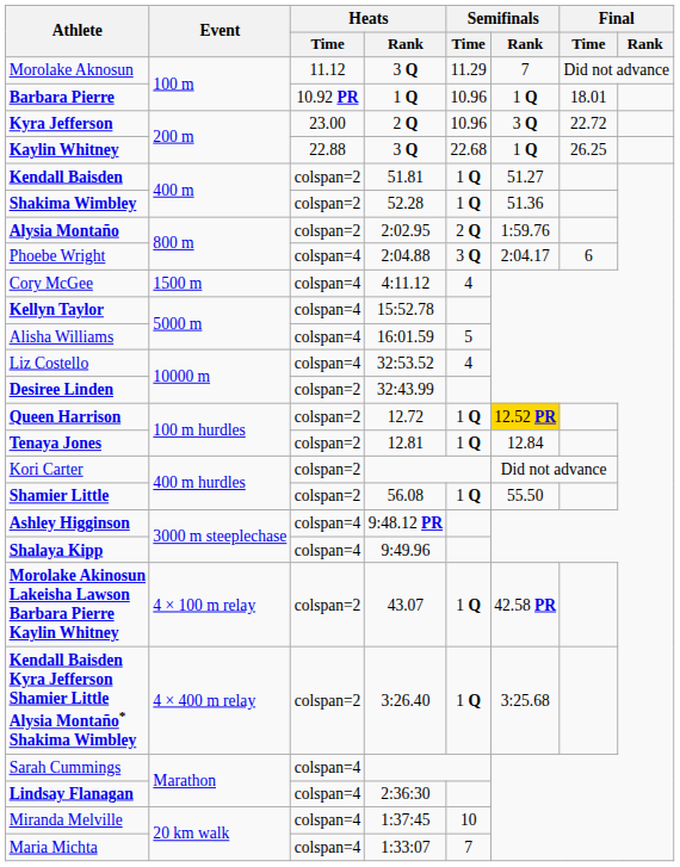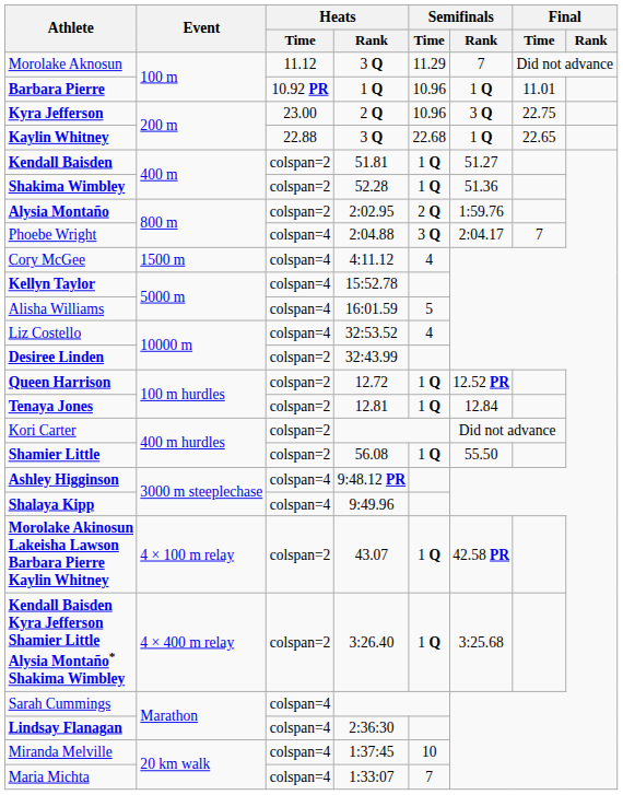 <table class=wikitable style="font-size:90%;">
 <tr>
 <th rowspan=2>Athlete</th>
 <th rowspan=2>Event</th>
 <th colspan=2>Heats</th>
 <th colspan=2>Semifinals</th>
 <th colspan=2>Final</th>
 </tr>
 <tr style="font-size:95%">
 <th>Time</th>
 <th>Rank</th>
 <th>Time</th>
 <th>Rank</th>
 <th>Time</th>
 <th>Rank</th>
 </tr>
 <tr align=center>
 <td align=left><a href='#'>Morolake Aknosun</a></td>
 <td align=left rowspan=2><a href='#'>100 m</a></td>
 <td>11.12</td>
 <td>3 <strong>Q</strong></td>
 <td>11.29</td>
 <td>7</td>
 <td colspan=2>Did not advance</td>
 </tr>
 <tr align=center>
 <td align=left><strong><a href='#'>Barbara Pierre</a></strong></td>
 <td>10.92 <strong><a href='#'>PR</a></strong></td>
 <td>1 <strong>Q</strong></td>
 <td>10.96</td>
 <td>1 <strong>Q</strong></td>
-<td>18.01</td>
+<td>11.01</td>
 <td></td>
 </tr>
 <tr align=center>
 <td align=left><strong><a href='#'>Kyra Jefferson</a></strong></td>
 <td align=left rowspan=2><a href='#'>200 m</a></td>
 <td>23.00</td>
 <td>2 <strong>Q</strong></td>
 <td>10.96</td>
 <td>3 <strong>Q</strong></td>
-<td>22.72</td>
+<td>22.75</td>
 <td></td>
 </tr>
 <tr align=center>
 <td align=left><strong><a href='#'>Kaylin Whitney</a></strong></td>
 <td>22.88</td>
 <td>3 <strong>Q</strong></td>
 <td>22.68</td>
 <td>1 <strong>Q</strong></td>
-<td>26.25</td>
+<td>22.65</td>
 <td></td>
 </tr>
 <tr align=center>
 <td align=left><strong><a href='#'>Kendall Baisden</a></strong></td>
 <td align=left rowspan=2><a href='#'>400 m</a></td>
 <td>colspan=2 </td>
 <td>51.81</td>
 <td>1 <strong>Q</strong></td>
 <td>51.27</td>
 <td></td>
 </tr>
 <tr align=center>
 <td align=left><strong><a href='#'>Shakima Wimbley</a></strong></td>
 <td>colspan=2 </td>
 <td>52.28</td>
 <td>1 <strong>Q</strong></td>
 <td>51.36</td>
 <td></td>
 </tr>
 <tr align=center>
 <td align=left><strong><a href='#'>Alysia Montaño</a></strong></td>
 <td align=left rowspan=2><a href='#'>800 m</a></td>
 <td>colspan=2 </td>
 <td>2:02.95</td>
 <td>2 <strong>Q</strong></td>
 <td>1:59.76</td>
 <td></td>
 </tr>
 <tr align=center>
 <td align=left><a href='#'>Phoebe Wright</a></td>
 <td>colspan=4 </td>
 <td>2:04.88</td>
 <td>3 <strong>Q</strong></td>
 <td>2:04.17</td>
-<td>6</td>
+<td>7</td>
 </tr>
 <tr align=center>
 <td align=left><a href='#'>Cory McGee</a></td>
 <td align=left><a href='#'>1500 m</a></td>
 <td>colspan=4 </td>
 <td>4:11.12</td>
 <td>4</td>
 </tr>
 <tr align=center>
 <td align=left><strong><a href='#'>Kellyn Taylor</a></strong></td>
 <td align=left rowspan=2><a href='#'>5000 m</a></td>
 <td>colspan=4 </td>
 <td>15:52.78</td>
 <td></td>
 </tr>
 <tr align=center>
 <td align=left><a href='#'>Alisha Williams</a></td>
 <td>colspan=4 </td>
 <td>16:01.59</td>
 <td>5</td>
 </tr>
 <tr align=center>
 <td align=left><a href='#'>Liz Costello</a></td>
 <td align=left rowspan=2><a href='#'>10000 m</a></td>
 <td>colspan=4 </td>
 <td>32:53.52</td>
 <td>4</td>
 </tr>
 <tr align=center>
 <td align=left><strong><a href='#'>Desiree Linden</a></strong></td>
 <td>colspan=2 </td>
 <td>32:43.99</td>
 <td></td>
 </tr>
 <tr align=center>
 <td align=left><strong><a href='#'>Queen Harrison</a></strong></td>
 <td align=left rowspan=2><a href='#'>100 m hurdles</a></td>
 <td>colspan=2 </td>
 <td>12.72</td>
 <td>1 <strong>Q</strong></td>
-<td style="background: gold;">12.52 <strong><a href='#'>PR</a></strong></td>
+<td>12.52 <strong><a href='#'>PR</a></strong></td>
 <td></td>
 </tr>
 <tr align=center>
 <td align=left><strong><a href='#'>Tenaya Jones</a></strong></td>
 <td>colspan=2 </td>
 <td>12.81</td>
 <td>1 <strong>Q</strong></td>
 <td>12.84</td>
 <td></td>
 </tr>
 <tr align=center>
 <td align=left><a href='#'>Kori Carter</a></td>
 <td align=left rowspan=2><a href='#'>400 m hurdles</a></td>
 <td>colspan=2 </td>
 <td colspan=2></td>
 <td colspan=2>Did not advance</td>
 </tr>
 <tr align=center>
 <td align=left><strong><a href='#'>Shamier Little</a></strong></td>
 <td>colspan=2 </td>
 <td>56.08</td>
 <td>1 <strong>Q</strong></td>
 <td>55.50</td>
 <td></td>
 </tr>
 <tr align=center>
 <td align=left><strong><a href='#'>Ashley Higginson</a></strong></td>
 <td align=left rowspan=2><a href='#'>3000 m steeplechase</a></td>
 <td>colspan=4 </td>
 <td>9:48.12 <strong><a href='#'>PR</a></strong></td>
 <td></td>
 </tr>
 <tr align=center>
 <td align=left><strong><a href='#'>Shalaya Kipp</a></strong></td>
 <td>colspan=4 </td>
 <td>9:49.96</td>
 <td></td>
 </tr>
 <tr align=center>
 <td align=left><strong><a href='#'>Morolake Akinosun</a><br><a href='#'>Lakeisha Lawson</a><br><a href='#'>Barbara Pierre</a><br><a href='#'>Kaylin Whitney</a></strong></td>
 <td align=left><a href='#'>4 × 100 m relay</a></td>
 <td>colspan=2 </td>
 <td>43.07</td>
 <td>1 <strong>Q</strong></td>
 <td>42.58 <strong><a href='#'>PR</a></strong></td>
 <td></td>
 </tr>
 <tr align=center>
 <td align=left><strong><a href='#'>Kendall Baisden</a><br><a href='#'>Kyra Jefferson</a><br><a href='#'>Shamier Little</a><br><a href='#'>Alysia Montaño</a><sup>*</sup><br><a href='#'>Shakima Wimbley</a></strong></td>
 <td align=left><a href='#'>4 × 400 m relay</a></td>
 <td>colspan=2 </td>
 <td>3:26.40</td>
 <td>1 <strong>Q</strong></td>
 <td>3:25.68</td>
 <td></td>
 </tr>
 <tr align=center>
 <td align=left><a href='#'>Sarah Cummings</a></td>
 <td align=left rowspan=2><a href='#'>Marathon</a></td>
 <td>colspan=4 </td>
 <td colspan=2></td>
 </tr>
 <tr align=center>
 <td align=left><strong><a href='#'>Lindsay Flanagan</a></strong></td>
 <td>colspan=4 </td>
 <td>2:36:30</td>
 <td></td>
 </tr>
 <tr align=center>
 <td align=left><a href='#'>Miranda Melville</a></td>
 <td align=left rowspan=2><a href='#'>20 km walk</a></td>
 <td>colspan=4 </td>
 <td>1:37:45</td>
 <td>10</td>
 </tr>
 <tr align=center>
 <td align=left><a href='#'>Maria Michta</a></td>
 <td>colspan=4 </td>
 <td>1:33:07</td>
 <td>7</td>
 </tr>
 </table>
